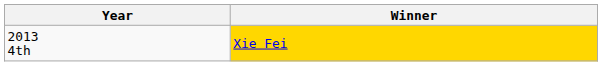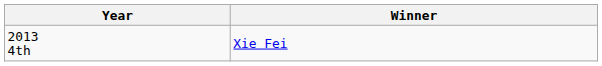 <table class="wikitable" style="width:600px">
 <tr>
 <th>Year</th>
 <th>Winner</th>
 </tr>
 <tr>
 <td>2013<br>4th</td>
-<td style="background: gold;"><a href='#'>Xie Fei</a></td>
+<td><a href='#'>Xie Fei</a></td>
 </tr>
 </table>
